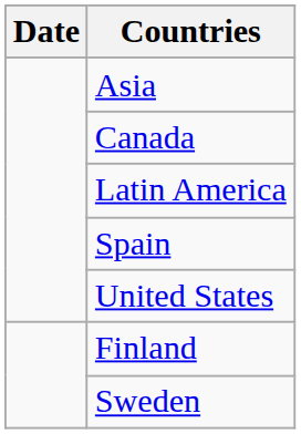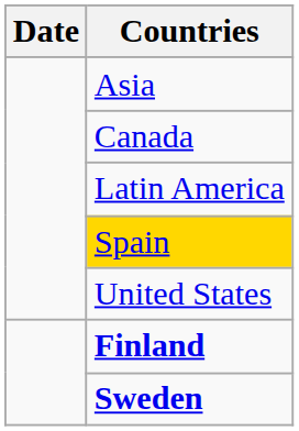 <table class="wikitable">
 <tr>
 <th>Date</th>
 <th>Countries</th>
 </tr>
 <tr>
 <td rowspan="5"></td>
 <td><a href='#'>Asia</a></td>
 </tr>
 <tr>
 <td><a href='#'>Canada</a></td>
 </tr>
 <tr>
 <td><a href='#'>Latin America</a></td>
 </tr>
 <tr>
-<td><a href='#'>Spain</a></td>
+<td style="background: gold;"><a href='#'>Spain</a></td>
 </tr>
 <tr>
 <td><a href='#'>United States</a></td>
 </tr>
 <tr>
 <td rowspan="2"></td>
-<td><a href='#'>Finland</a></td>
+<td><strong><a href='#'>Finland</a></strong></td>
 </tr>
 <tr>
-<td><a href='#'>Sweden</a></td>
+<td><strong><a href='#'>Sweden</a></strong></td>
 </tr>
 </table>
